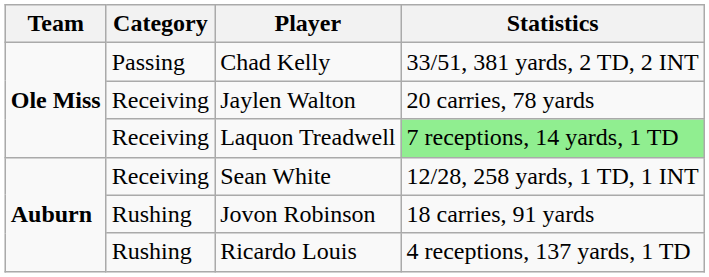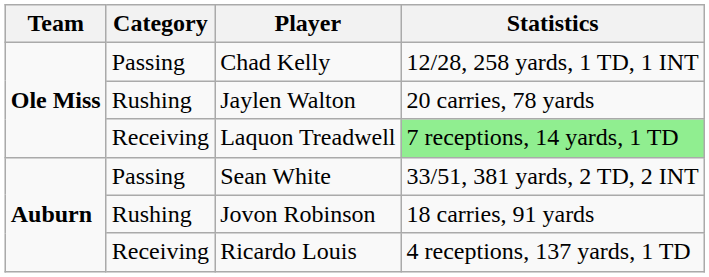 <table class="wikitable" style="float: right;">
 <tr>
 <th>Team</th>
 <th>Category</th>
 <th>Player</th>
 <th>Statistics</th>
 </tr>
 <tr>
 <td rowspan=3><strong>Ole Miss</strong></td>
 <td>Passing</td>
 <td>Chad Kelly</td>
-<td>33/51, 381 yards, 2 TD, 2 INT</td>
+<td>12/28, 258 yards, 1 TD, 1 INT</td>
 </tr>
 <tr>
-<td>Receiving</td>
+<td>Rushing</td>
 <td>Jaylen Walton</td>
 <td>20 carries, 78 yards</td>
 </tr>
 <tr>
 <td>Receiving</td>
 <td>Laquon Treadwell</td>
 <td style="background: lightgreen;">7 receptions, 14 yards, 1 TD</td>
 </tr>
 <tr>
 <td rowspan=3><strong>Auburn</strong></td>
-<td>Receiving</td>
+<td>Passing</td>
 <td>Sean White</td>
-<td>12/28, 258 yards, 1 TD, 1 INT</td>
+<td>33/51, 381 yards, 2 TD, 2 INT</td>
 </tr>
 <tr>
 <td>Rushing</td>
 <td>Jovon Robinson</td>
 <td>18 carries, 91 yards</td>
 </tr>
 <tr>
-<td>Rushing</td>
+<td>Receiving</td>
 <td>Ricardo Louis</td>
 <td>4 receptions, 137 yards, 1 TD</td>
 </tr>
 </table>
